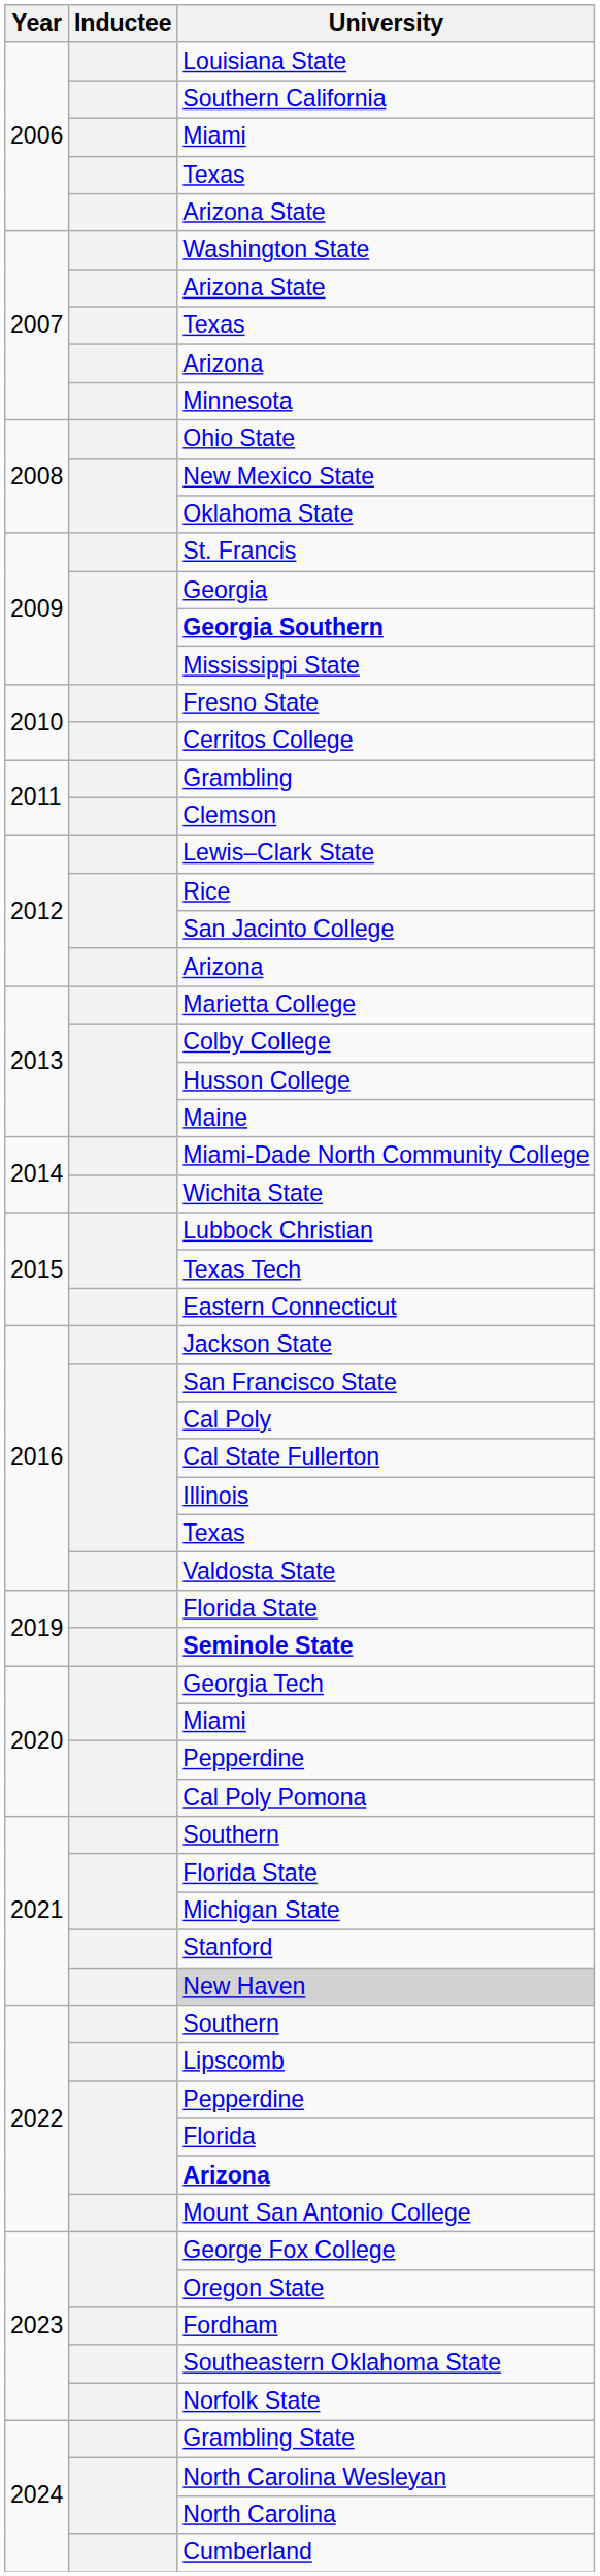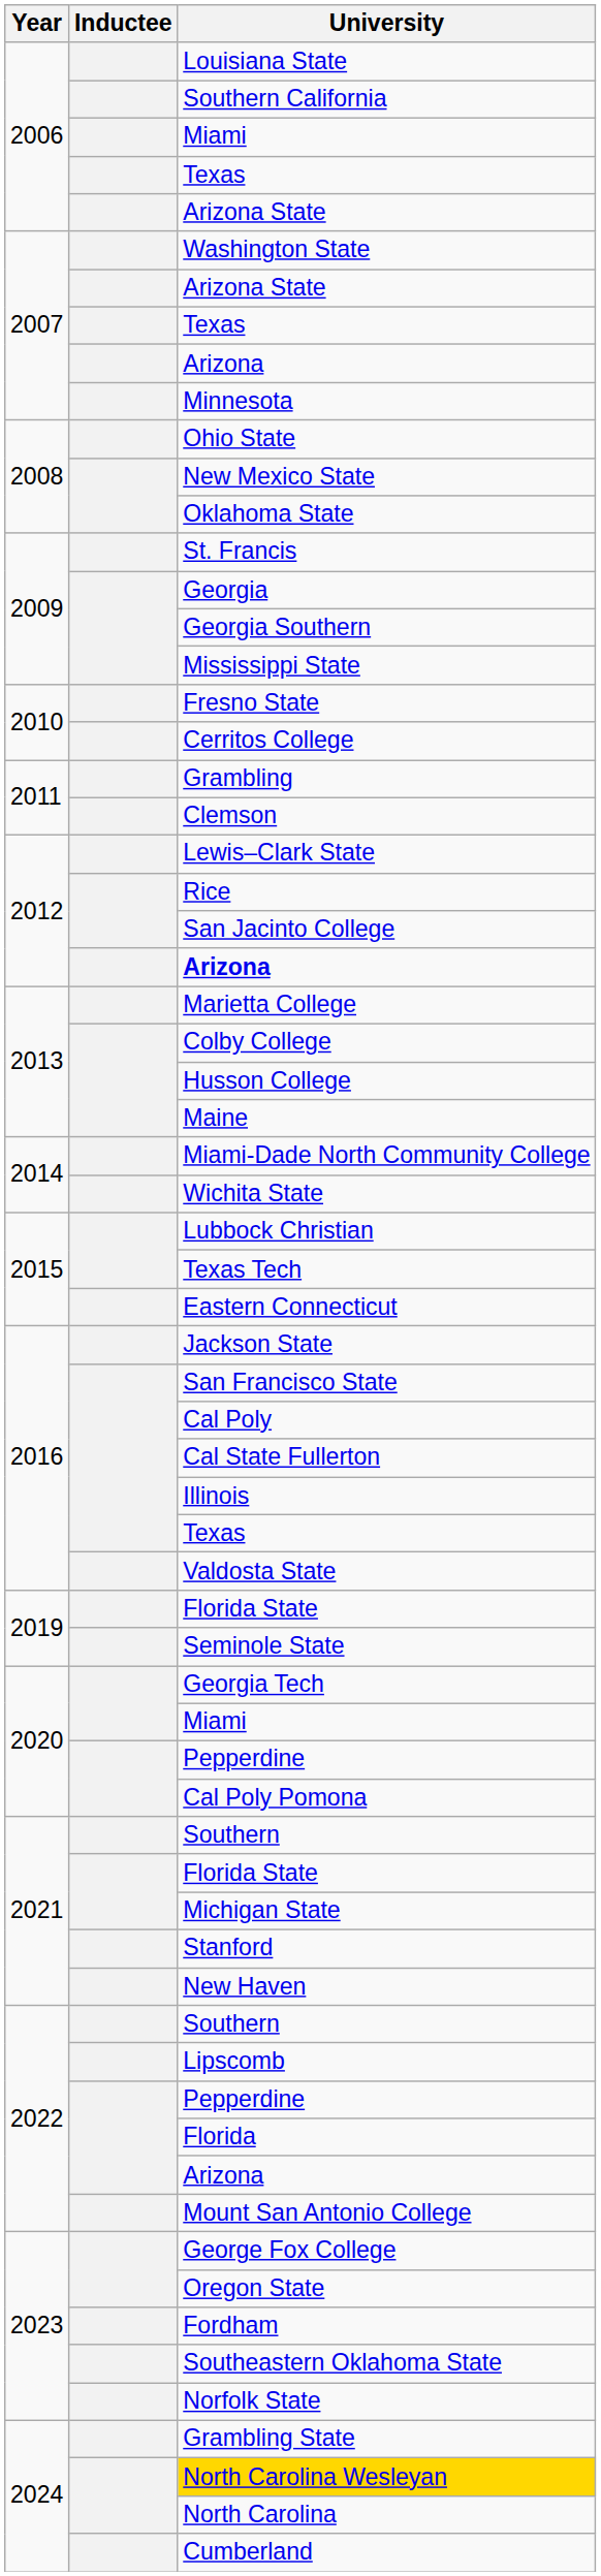 <table class="wikitable sortable plainrowheaders">
 <tr>
 <th scope="col">Year</th>
 <th scope="col">Inductee</th>
 <th scope="col">University</th>
 </tr>
 <tr>
 <td rowspan="5">2006</td>
 <th scope="row"></th>
 <td><a href='#'>Louisiana State</a></td>
 </tr>
 <tr>
 <th scope="row"></th>
 <td><a href='#'>Southern California</a></td>
 </tr>
 <tr>
 <th scope="row"></th>
 <td><a href='#'>Miami</a></td>
 </tr>
 <tr>
 <th scope="row"></th>
 <td><a href='#'>Texas</a></td>
 </tr>
 <tr>
 <th scope="row"></th>
 <td><a href='#'>Arizona State</a></td>
 </tr>
 <tr>
 <td rowspan="5">2007</td>
 <th scope="row"></th>
 <td><a href='#'>Washington State</a></td>
 </tr>
 <tr>
 <th scope="row"></th>
 <td><a href='#'>Arizona State</a></td>
 </tr>
 <tr>
 <th scope="row"></th>
 <td><a href='#'>Texas</a></td>
 </tr>
 <tr>
 <th scope="row"></th>
 <td><a href='#'>Arizona</a></td>
 </tr>
 <tr>
 <th scope="row"></th>
 <td><a href='#'>Minnesota</a></td>
 </tr>
 <tr>
 <td rowspan="3">2008</td>
 <th scope="row"></th>
 <td><a href='#'>Ohio State</a></td>
 </tr>
 <tr>
 <th scope="row" rowspan="2"></th>
 <td><a href='#'>New Mexico State</a></td>
 </tr>
 <tr>
 <td><a href='#'>Oklahoma State</a></td>
 </tr>
 <tr>
 <td rowspan="4">2009</td>
 <th scope="row"></th>
 <td><a href='#'>St. Francis</a></td>
 </tr>
 <tr>
 <th scope="row" rowspan="3"></th>
 <td><a href='#'>Georgia</a></td>
 </tr>
 <tr>
-<td><strong><a href='#'>Georgia Southern</a></strong></td>
+<td><a href='#'>Georgia Southern</a></td>
 </tr>
 <tr>
 <td><a href='#'>Mississippi State</a></td>
 </tr>
 <tr>
 <td rowspan="2">2010</td>
 <th scope="row"></th>
 <td><a href='#'>Fresno State</a></td>
 </tr>
 <tr>
 <th scope="row"></th>
 <td><a href='#'>Cerritos College</a></td>
 </tr>
 <tr>
 <td rowspan="2">2011</td>
 <th scope="row"></th>
 <td><a href='#'>Grambling</a></td>
 </tr>
 <tr>
 <th scope="row"></th>
 <td><a href='#'>Clemson</a></td>
 </tr>
 <tr>
 <td rowspan="4">2012</td>
 <th scope="row"></th>
 <td><a href='#'>Lewis–Clark State</a></td>
 </tr>
 <tr>
 <th scope="row" rowspan="2"></th>
 <td><a href='#'>Rice</a></td>
 </tr>
 <tr>
 <td><a href='#'>San Jacinto College</a></td>
 </tr>
 <tr>
 <th scope="row"></th>
-<td><a href='#'>Arizona</a></td>
+<td><strong><a href='#'>Arizona</a></strong></td>
 </tr>
 <tr>
 <td rowspan="4">2013</td>
 <th scope="row"></th>
 <td><a href='#'>Marietta College</a></td>
 </tr>
 <tr>
 <th scope="row" rowspan="3"></th>
 <td><a href='#'>Colby College</a></td>
 </tr>
 <tr>
 <td><a href='#'>Husson College</a></td>
 </tr>
 <tr>
 <td><a href='#'>Maine</a></td>
 </tr>
 <tr>
 <td rowspan="2">2014</td>
 <th scope="row"></th>
 <td><a href='#'>Miami-Dade North Community College</a></td>
 </tr>
 <tr>
 <th scope="row"></th>
 <td><a href='#'>Wichita State</a></td>
 </tr>
 <tr>
 <td rowspan="3">2015</td>
 <th scope="row" rowspan="2"></th>
 <td><a href='#'>Lubbock Christian</a></td>
 </tr>
 <tr>
 <td><a href='#'>Texas Tech</a></td>
 </tr>
 <tr>
 <th scope="row"></th>
 <td><a href='#'>Eastern Connecticut</a></td>
 </tr>
 <tr>
 <td rowspan="7">2016</td>
 <th scope="row"></th>
 <td><a href='#'>Jackson State</a></td>
 </tr>
 <tr>
 <th scope="row" rowspan="5"></th>
 <td><a href='#'>San Francisco State</a></td>
 </tr>
 <tr>
 <td><a href='#'>Cal Poly</a></td>
 </tr>
 <tr>
 <td><a href='#'>Cal State Fullerton</a></td>
 </tr>
 <tr>
 <td><a href='#'>Illinois</a></td>
 </tr>
 <tr>
 <td><a href='#'>Texas</a></td>
 </tr>
 <tr>
 <th scope="row"></th>
 <td><a href='#'>Valdosta State</a></td>
 </tr>
 <tr>
 <td rowspan="2">2019</td>
 <th scope="row"></th>
 <td><a href='#'>Florida State</a></td>
 </tr>
 <tr>
 <th scope="row"></th>
-<td><strong><a href='#'>Seminole State</a></strong></td>
+<td><a href='#'>Seminole State</a></td>
 </tr>
 <tr>
 <td rowspan="4">2020</td>
 <th scope="row" rowspan="2"></th>
 <td><a href='#'>Georgia Tech</a></td>
 </tr>
 <tr>
 <td><a href='#'>Miami</a></td>
 </tr>
 <tr>
 <th scope="row" rowspan="2"></th>
 <td><a href='#'>Pepperdine</a></td>
 </tr>
 <tr>
 <td><a href='#'>Cal Poly Pomona</a></td>
 </tr>
 <tr>
 <td rowspan="5">2021</td>
 <th scope="row"></th>
 <td><a href='#'>Southern</a></td>
 </tr>
 <tr>
 <th scope="row" rowspan="2"></th>
 <td><a href='#'>Florida State</a></td>
 </tr>
 <tr>
 <td><a href='#'>Michigan State</a></td>
 </tr>
 <tr>
 <th scope="row"></th>
 <td><a href='#'>Stanford</a></td>
 </tr>
 <tr>
 <th scope="row"></th>
-<td style="background: lightgrey;"><a href='#'>New Haven</a></td>
+<td><a href='#'>New Haven</a></td>
 </tr>
 <tr>
 <td rowspan="6">2022</td>
 <th scope="row"></th>
 <td><a href='#'>Southern</a></td>
 </tr>
 <tr>
 <th scope="row"></th>
 <td><a href='#'>Lipscomb</a></td>
 </tr>
 <tr>
 <th scope="row" rowspan="3"></th>
 <td><a href='#'>Pepperdine</a></td>
 </tr>
 <tr>
 <td><a href='#'>Florida</a></td>
 </tr>
 <tr>
-<td><strong><a href='#'>Arizona</a></strong></td>
+<td><a href='#'>Arizona</a></td>
 </tr>
 <tr>
 <th scope="row"></th>
 <td><a href='#'>Mount San Antonio College</a></td>
 </tr>
 <tr>
 <td rowspan="5">2023</td>
 <th scope="row" rowspan="2"></th>
 <td><a href='#'>George Fox College</a></td>
 </tr>
 <tr>
 <td><a href='#'>Oregon State</a></td>
 </tr>
 <tr>
 <th scope="row"></th>
 <td><a href='#'>Fordham</a></td>
 </tr>
 <tr>
 <th scope="row"></th>
 <td><a href='#'>Southeastern Oklahoma State</a></td>
 </tr>
 <tr>
 <th scope="row"></th>
 <td><a href='#'>Norfolk State</a></td>
 </tr>
 <tr>
 <td rowspan="4">2024</td>
 <th scope="row"></th>
 <td><a href='#'>Grambling State</a></td>
 </tr>
 <tr>
 <th scope="row" rowspan="2"></th>
-<td><a href='#'>North Carolina Wesleyan</a></td>
+<td style="background: gold;"><a href='#'>North Carolina Wesleyan</a></td>
 </tr>
 <tr>
 <td><a href='#'>North Carolina</a></td>
 </tr>
 <tr>
 <th scope="row"></th>
 <td><a href='#'>Cumberland</a></td>
 </tr>
 </table>
